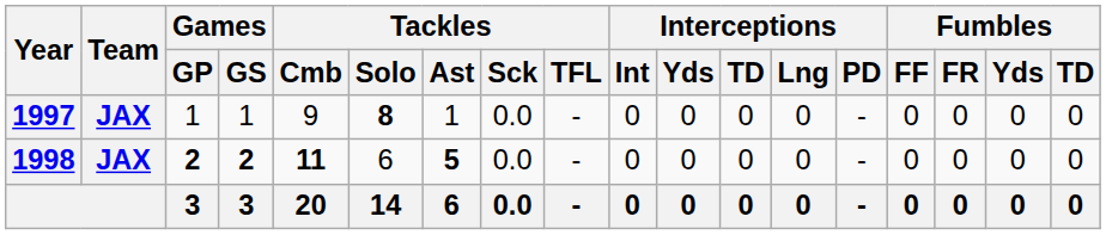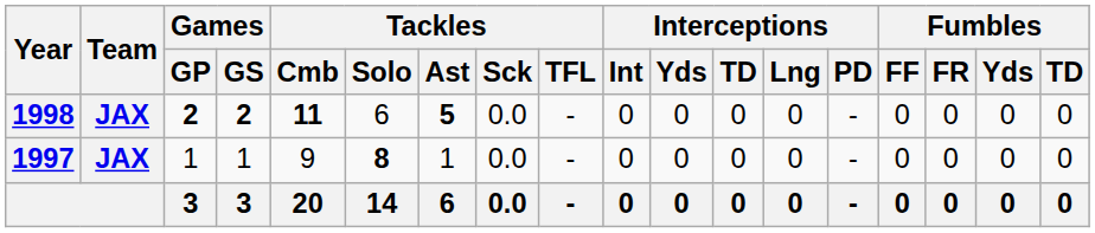 <table class="wikitable" style="text-align:center">
 <tr>
 <th rowspan="2">Year</th>
 <th rowspan="2">Team</th>
 <th colspan="2">Games</th>
 <th colspan="5">Tackles</th>
 <th colspan="5">Interceptions</th>
 <th colspan="4">Fumbles</th>
 </tr>
 <tr>
 <th>GP</th>
 <th>GS</th>
 <th>Cmb</th>
 <th>Solo</th>
 <th>Ast</th>
 <th>Sck</th>
 <th>TFL</th>
 <th>Int</th>
 <th>Yds</th>
 <th>TD</th>
 <th>Lng</th>
 <th>PD</th>
 <th>FF</th>
 <th>FR</th>
 <th>Yds</th>
 <th>TD</th>
 </tr>
 <tr>
-<th><a href='#'>1997</a></th>
+<th><a href='#'>1998</a></th>
 <th><a href='#'>JAX</a></th>
-<td>1</td>
-<td>1</td>
-<td>9</td>
-<td><strong>8</strong></td>
-<td>1</td>
+<td><strong>2</strong></td>
+<td><strong>2</strong></td>
+<td><strong>11</strong></td>
+<td>6</td>
+<td><strong>5</strong></td>
 <td>0.0</td>
 <td>-</td>
 <td>0</td>
 <td>0</td>
 <td>0</td>
 <td>0</td>
 <td>-</td>
 <td>0</td>
 <td>0</td>
 <td>0</td>
 <td>0</td>
 </tr>
 <tr>
-<th><a href='#'>1998</a></th>
+<th><a href='#'>1997</a></th>
 <th><a href='#'>JAX</a></th>
-<td><strong>2</strong></td>
-<td><strong>2</strong></td>
-<td><strong>11</strong></td>
-<td>6</td>
-<td><strong>5</strong></td>
+<td>1</td>
+<td>1</td>
+<td>9</td>
+<td><strong>8</strong></td>
+<td>1</td>
 <td>0.0</td>
 <td>-</td>
 <td>0</td>
 <td>0</td>
 <td>0</td>
 <td>0</td>
 <td>-</td>
 <td>0</td>
 <td>0</td>
 <td>0</td>
 <td>0</td>
 </tr>
 <tr>
 <th colspan="2"></th>
 <th>3</th>
 <th>3</th>
 <th>20</th>
 <th>14</th>
 <th>6</th>
 <th>0.0</th>
 <th>-</th>
 <th>0</th>
 <th>0</th>
 <th>0</th>
 <th>0</th>
 <th>-</th>
 <th>0</th>
 <th>0</th>
 <th>0</th>
 <th>0</th>
 </tr>
 </table>
